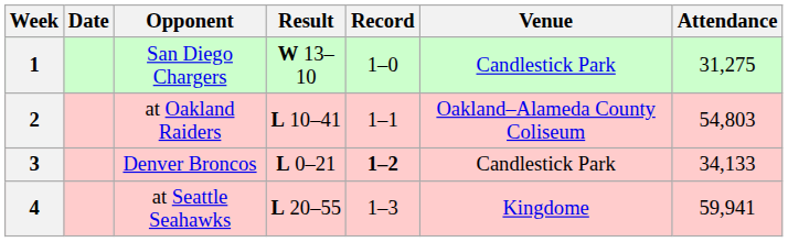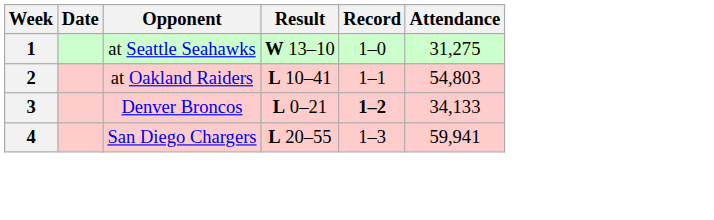 <table class="wikitable" style="text-align:center">
 <tr>
 <th>Week</th>
 <th>Date</th>
 <th>Opponent</th>
 <th>Result</th>
 <th>Record</th>
-<th>Venue</th>
 <th>Attendance</th>
 </tr>
 <tr style="background:#cfc">
 <th>1</th>
 <td></td>
-<td><a href='#'>San Diego Chargers</a></td>
+<td>at <a href='#'>Seattle Seahawks</a></td>
 <td><strong>W</strong> 13–10</td>
 <td>1–0</td>
-<td><a href='#'>Candlestick Park</a></td>
 <td>31,275</td>
 </tr>
 <tr style="background:#fcc">
 <th>2</th>
 <td></td>
 <td>at <a href='#'>Oakland Raiders</a></td>
 <td><strong>L</strong> 10–41</td>
 <td>1–1</td>
-<td><a href='#'>Oakland–Alameda County Coliseum</a></td>
 <td>54,803</td>
 </tr>
 <tr style="background:#fcc">
 <th>3</th>
 <td></td>
 <td><a href='#'>Denver Broncos</a></td>
 <td><strong>L</strong> 0–21</td>
 <td><strong>1–2</strong></td>
-<td>Candlestick Park</td>
 <td>34,133</td>
 </tr>
 <tr style="background:#fcc">
 <th>4</th>
 <td></td>
-<td>at <a href='#'>Seattle Seahawks</a></td>
+<td><a href='#'>San Diego Chargers</a></td>
 <td><strong>L</strong> 20–55</td>
 <td>1–3</td>
-<td><a href='#'>Kingdome</a></td>
 <td>59,941</td>
 </tr>
 </table>
